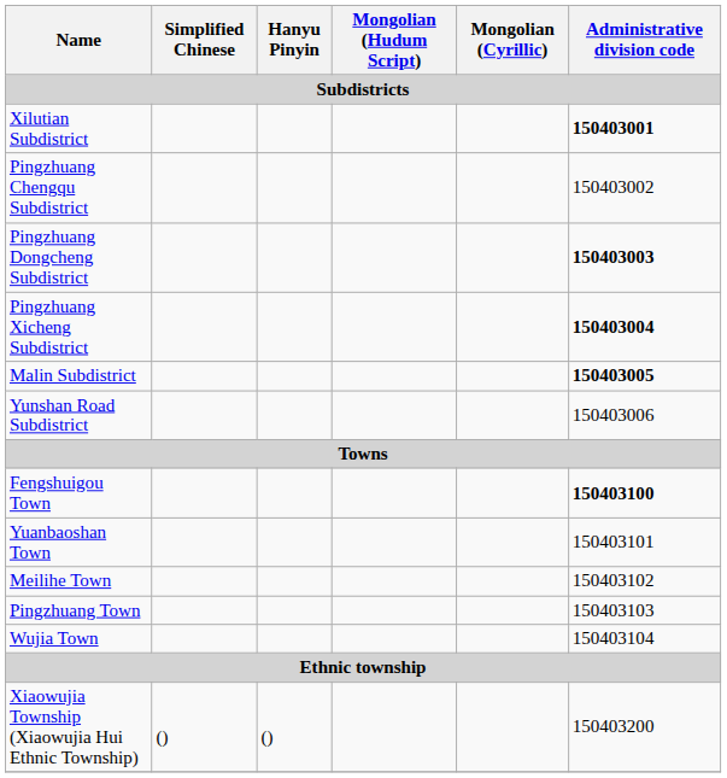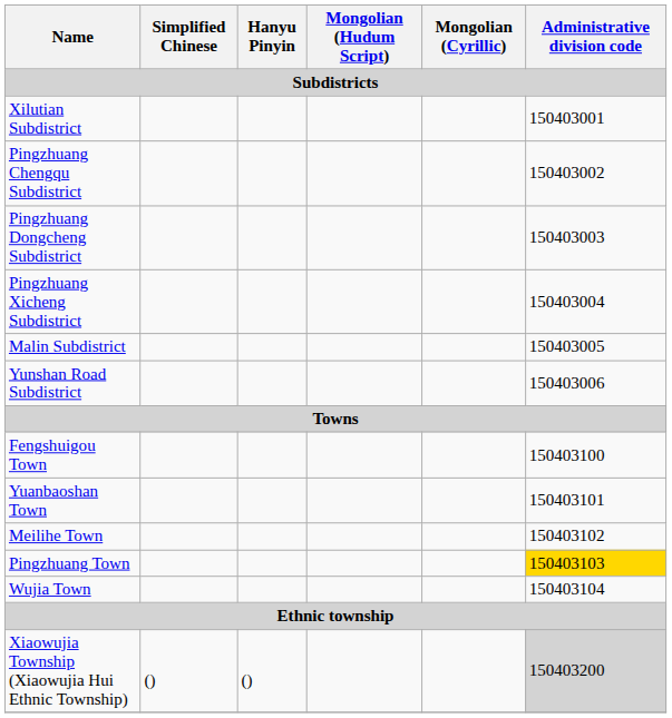 <table class="wikitable" align="center" style="width:50%; border="1">
 <tr>
 <th>Name</th>
 <th>Simplified Chinese</th>
 <th>Hanyu Pinyin</th>
 <th><a href='#'>Mongolian</a> (<a href='#'>Hudum Script</a>)</th>
 <th>Mongolian (<a href='#'>Cyrillic</a>)</th>
 <th><a href='#'>Administrative division code</a></th>
 </tr>
 <tr>
 <td colspan="6"  style="text-align:center; background:#d3d3d3;"><strong>Subdistricts</strong></td>
 </tr>
 <tr --------->
 <td><a href='#'>Xilutian Subdistrict</a></td>
 <td></td>
 <td></td>
 <td></td>
 <td></td>
-<td><strong>150403001</strong></td>
+<td>150403001</td>
 </tr>
 <tr>
 <td><a href='#'>Pingzhuang Chengqu Subdistrict</a></td>
 <td></td>
 <td></td>
 <td></td>
 <td></td>
 <td>150403002</td>
 </tr>
 <tr>
 <td><a href='#'>Pingzhuang Dongcheng Subdistrict</a></td>
 <td></td>
 <td></td>
 <td></td>
 <td></td>
-<td><strong>150403003</strong></td>
+<td>150403003</td>
 </tr>
 <tr>
 <td><a href='#'>Pingzhuang Xicheng Subdistrict</a></td>
 <td></td>
 <td></td>
 <td></td>
 <td></td>
-<td><strong>150403004</strong></td>
+<td>150403004</td>
 </tr>
 <tr>
 <td><a href='#'>Malin Subdistrict</a></td>
 <td></td>
 <td></td>
 <td></td>
 <td></td>
-<td><strong>150403005</strong></td>
+<td>150403005</td>
 </tr>
 <tr>
 <td><a href='#'>Yunshan Road Subdistrict</a></td>
 <td></td>
 <td></td>
 <td></td>
 <td></td>
 <td>150403006</td>
 </tr>
 <tr>
 <td colspan="6"  style="text-align:center; background:#d3d3d3;"><strong>Towns</strong></td>
 </tr>
 <tr --------->
 <td><a href='#'>Fengshuigou Town</a></td>
 <td></td>
 <td></td>
 <td></td>
 <td></td>
-<td><strong>150403100</strong></td>
+<td>150403100</td>
 </tr>
 <tr>
 <td><a href='#'>Yuanbaoshan Town</a></td>
 <td></td>
 <td></td>
 <td></td>
 <td></td>
 <td>150403101</td>
 </tr>
 <tr>
 <td><a href='#'>Meilihe Town</a></td>
 <td></td>
 <td></td>
 <td></td>
 <td></td>
 <td>150403102</td>
 </tr>
 <tr>
 <td><a href='#'>Pingzhuang Town</a></td>
 <td></td>
 <td></td>
 <td></td>
 <td></td>
-<td>150403103</td>
+<td style="background: gold;">150403103</td>
 </tr>
 <tr>
 <td><a href='#'>Wujia Town</a></td>
 <td></td>
 <td></td>
 <td></td>
 <td></td>
 <td>150403104</td>
 </tr>
 <tr>
 <td colspan="6"  style="text-align:center; background:#d3d3d3;"><strong>Ethnic township</strong></td>
 </tr>
 <tr --------->
 <td><a href='#'>Xiaowujia Township</a><br>(Xiaowujia Hui Ethnic Township)</td>
 <td><br>()</td>
 <td><br>()</td>
 <td></td>
 <td></td>
-<td>150403200</td>
+<td style="background: lightgrey;">150403200</td>
 </tr>
 <tr>
 </tr>
 </table>
